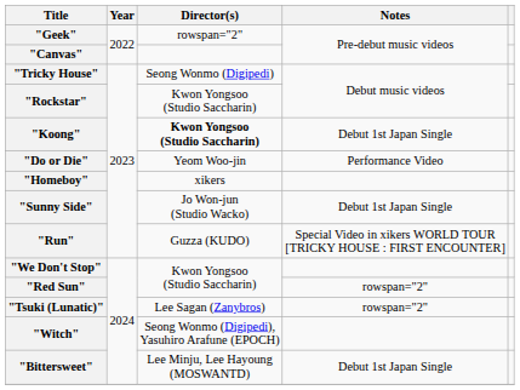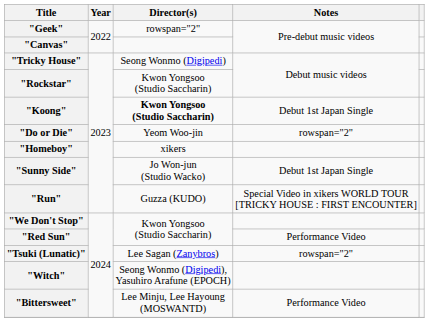 <table class="wikitable plainrowheaders" style="text-align:center">
 <tr>
 <th scope="col">Title</th>
 <th scope="col">Year</th>
 <th scope="col">Director(s)</th>
 <th scope="col">Notes</th>
 <th scope="col"></th>
 </tr>
 <tr>
 <th scope="row">"Geek"</th>
 <td rowspan="2">2022</td>
 <td>rowspan="2" </td>
 <td rowspan="2">Pre-debut music videos</td>
 <td></td>
 </tr>
 <tr>
 <th scope="row">"Canvas"<br></th>
 <td></td>
 </tr>
 <tr>
 <th scope="row">"Tricky House"</th>
 <td rowspan="7">2023</td>
 <td>Seong Wonmo (<a href='#'>Digipedi</a>)</td>
 <td rowspan="2">Debut music videos</td>
 <td></td>
 </tr>
 <tr>
 <th scope="row">"Rockstar"</th>
 <td>Kwon Yongsoo<br>(Studio Saccharin)</td>
 <td></td>
 </tr>
 <tr>
 <th scope="row">"Koong"</th>
 <td><strong>Kwon Yongsoo<br>(Studio Saccharin)</strong></td>
 <td>Debut 1st Japan Single</td>
 <td></td>
 </tr>
 <tr>
 <th scope="row">"Do or Die"</th>
 <td>Yeom Woo-jin</td>
-<td>Performance Video</td>
+<td>rowspan="2" </td>
 <td></td>
 </tr>
 <tr>
 <th scope="row">"Homeboy"</th>
 <td>xikers</td>
 <td></td>
 </tr>
 <tr>
 <th scope="row">"Sunny Side"</th>
 <td>Jo Won-jun<br>(Studio Wacko)</td>
 <td>Debut 1st Japan Single</td>
 <td></td>
 </tr>
 <tr>
 <th scope="row">"Run"</th>
 <td>Guzza (KUDO)</td>
 <td>Special Video in xikers WORLD TOUR<br>[TRICKY HOUSE : FIRST ENCOUNTER]</td>
 <td></td>
 </tr>
 <tr>
 <th scope="row">"We Don't Stop"</th>
 <td rowspan="5">2024</td>
 <td rowspan="2">Kwon Yongsoo<br>(Studio Saccharin)</td>
 <td></td>
 <td></td>
 </tr>
 <tr>
 <th scope="row">"Red Sun"</th>
-<td>rowspan="2" </td>
+<td>Performance Video</td>
 <td></td>
 </tr>
 <tr>
 <th scope="row">"Tsuki (Lunatic)"</th>
 <td>Lee Sagan (<a href='#'>Zanybros</a>)</td>
 <td>rowspan="2" </td>
 <td></td>
 </tr>
 <tr>
 <th scope="row">"Witch"</th>
 <td>Seong Wonmo (<a href='#'>Digipedi</a>),<br>Yasuhiro Arafune (EPOCH)</td>
 <td></td>
 <td></td>
 </tr>
 <tr>
 <th scope="row">"Bittersweet"</th>
 <td>Lee Minju, Lee Hayoung<br>(MOSWANTD)</td>
-<td>Debut 1st Japan Single</td>
+<td>Performance Video</td>
 <td></td>
 </tr>
 <tr>
 </tr>
 </table>
